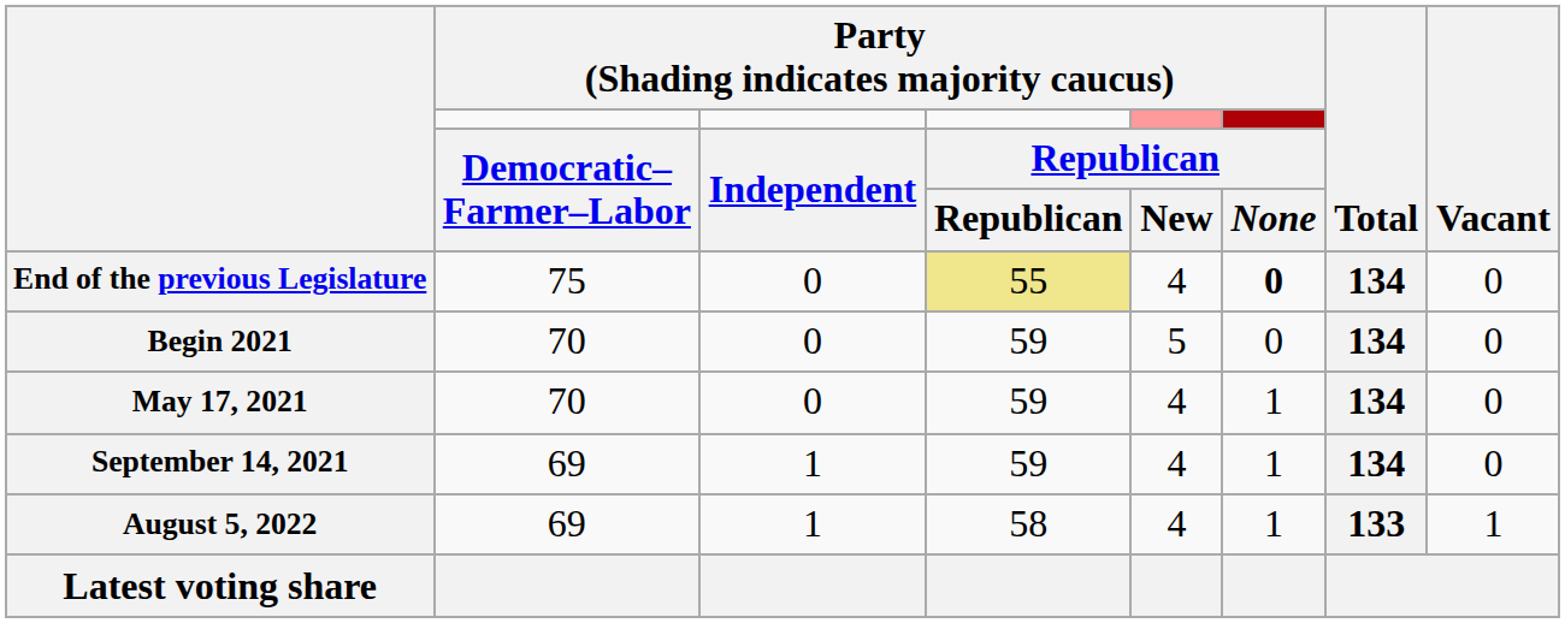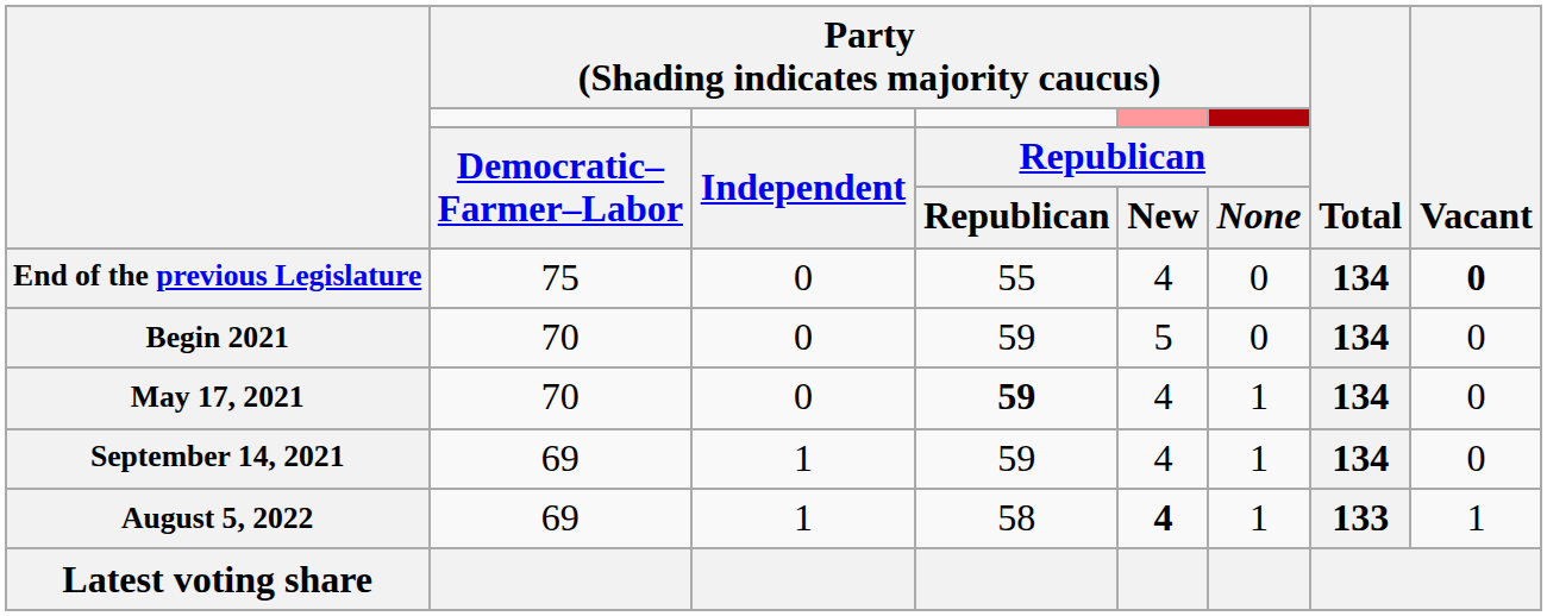 <table class=wikitable style="text-align:center">
 <tr style="vertical-align:bottom;">
 <th rowspan="4"></th>
 <th colspan=5>Party <div>(Shading indicates majority caucus)</div></th>
 <th rowspan="4">Total</th>
 <th rowspan="4">Vacant</th>
 </tr>
 <tr>
 <td style="background-color:"></td>
 <td style="background-color:"></td>
 <td style="background-color:"></td>
 <td style="background-color:#FF999C"></td>
 <td style="background-color:#B00007"></td>
 </tr>
 <tr>
 <th rowspan="2"><a href='#'>Democratic–<br>Farmer–Labor</a></th>
 <th rowspan="2"><a href='#'>Independent</a></th>
 <th colspan="3"><a href='#'>Republican</a></th>
 </tr>
 <tr>
 <th>Republican</th>
 <th>New</th>
 <th><em>None</em></th>
 </tr>
 <tr>
 <th nowrap style="font-size:80%">End of the <a href='#'>previous Legislature</a></th>
 <td>75</td>
 <td>0</td>
-<td style="background: khaki;">55</td>
+<td>55</td>
 <td>4</td>
+<td>0</td>
+<th>134</th>
 <td><strong>0</strong></td>
-<th>134</th>
-<td>0</td>
 </tr>
 <tr>
 <th nowrap="" style="font-size:80%">Begin 2021</th>
 <td>70</td>
 <td>0</td>
 <td>59</td>
 <td>5</td>
 <td>0</td>
 <th>134</th>
 <td>0</td>
 </tr>
 <tr>
 <th nowrap="" style="font-size:80%">May 17, 2021</th>
 <td>70</td>
 <td>0</td>
-<td>59</td>
+<td><strong>59</strong></td>
 <td>4</td>
 <td>1</td>
 <th>134</th>
 <td>0</td>
 </tr>
 <tr>
 <th nowrap="" style="font-size:80%">September 14, 2021</th>
 <td>69</td>
 <td>1</td>
 <td>59</td>
 <td>4</td>
 <td>1</td>
 <th>134</th>
 <td>0</td>
 </tr>
 <tr>
 <th nowrap=" " style="font-size:80%">August 5, 2022</th>
 <td>69</td>
 <td>1</td>
 <td>58</td>
-<td>4</td>
+<td><strong>4</strong></td>
 <td>1</td>
 <th>133</th>
 <td>1</td>
 </tr>
 <tr>
 <th>Latest voting share</th>
 <th></th>
 <th></th>
 <th></th>
 <th></th>
 <th></th>
 <th colspan="2"></th>
 </tr>
 </table>
